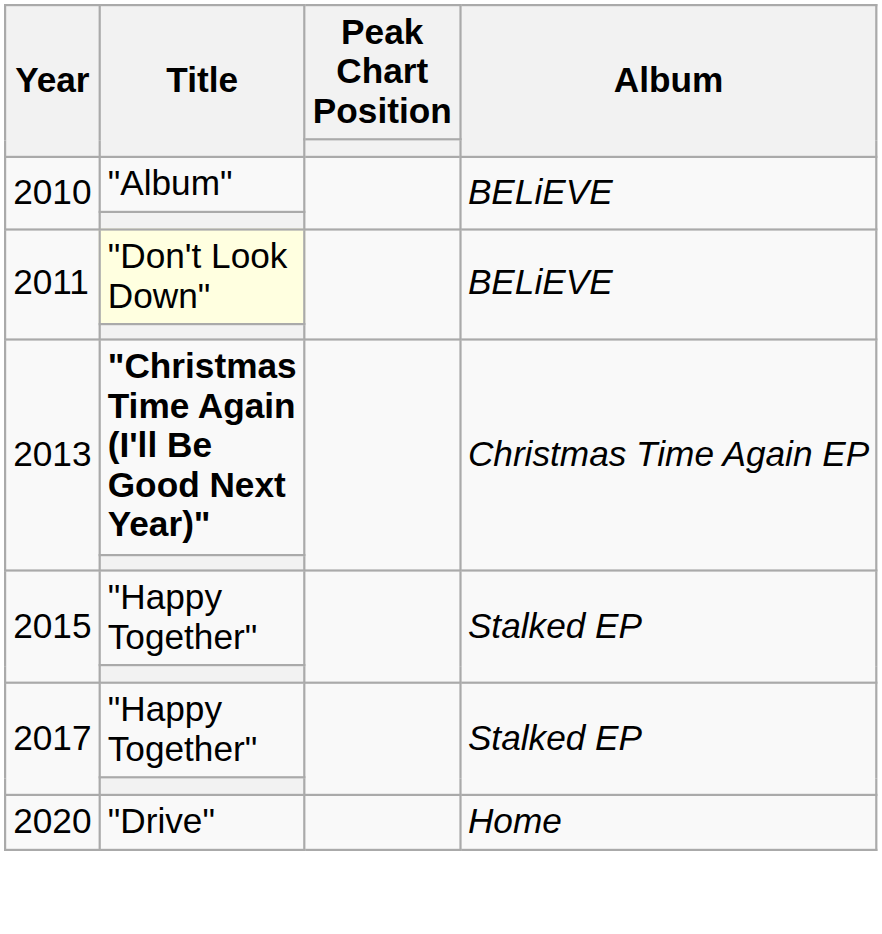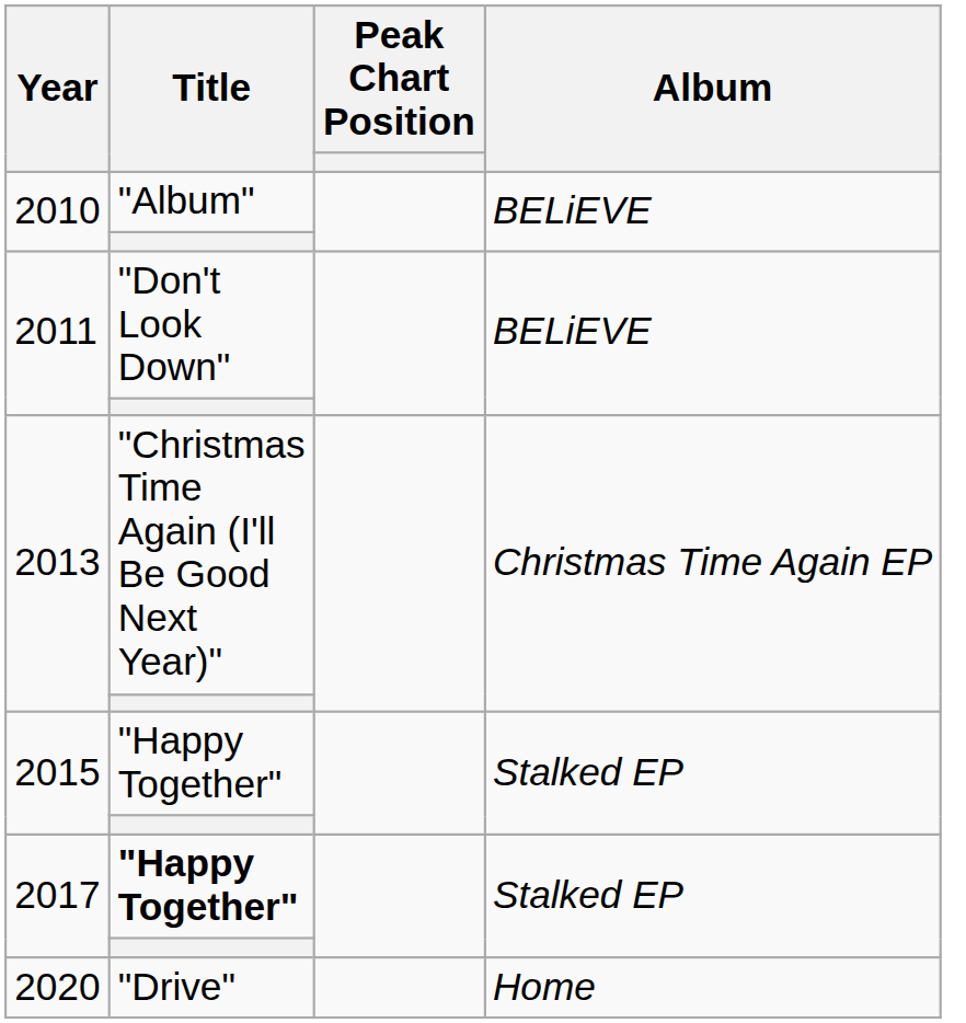 <table class="wikitable">
 <tr>
 <th rowspan="2">Year</th>
 <th rowspan="2">Title</th>
 <th colspan="1">Peak Chart Position</th>
 <th rowspan="2">Album</th>
 </tr>
 <tr>
 <th width="40"></th>
 </tr>
 <tr>
 <td rowspan="2">2010</td>
 <td>"Album"</td>
 <td rowspan="2"></td>
 <td rowspan="2"><em>BELiEVE</em></td>
 </tr>
 <tr>
 <th width="40"></th>
 </tr>
 <tr>
 <td rowspan="2">2011</td>
-<td style="background: lightyellow;">"Don't Look Down"</td>
+<td>"Don't Look Down"</td>
 <td rowspan="2"></td>
 <td rowspan="2"><em>BELiEVE</em></td>
 </tr>
 <tr>
 <th width="40"></th>
 </tr>
 <tr>
 <td rowspan="2">2013</td>
-<td><strong>"Christmas Time Again (I'll Be Good Next Year)"</strong></td>
+<td>"Christmas Time Again (I'll Be Good Next Year)"</td>
 <td rowspan="2"></td>
 <td rowspan="2"><em>Christmas Time Again EP</em></td>
 </tr>
 <tr>
 <th width="40"></th>
 </tr>
 <tr>
 <td rowspan="2">2015</td>
 <td>"Happy Together"</td>
 <td rowspan="2"></td>
 <td rowspan="2"><em>Stalked EP</em></td>
 </tr>
 <tr>
 <th width="40"></th>
 </tr>
 <tr>
 <td rowspan="2">2017</td>
-<td>"Happy Together"</td>
+<td><strong>"Happy Together"</strong></td>
 <td rowspan="2"></td>
 <td rowspan="2"><em>Stalked EP</em></td>
 </tr>
 <tr>
 <th width="40"></th>
 </tr>
 <tr>
 <td rowspan="2">2020</td>
 <td>"Drive"</td>
 <td rowspan="2"></td>
 <td rowspan="2"><em>Home</em></td>
 </tr>
 </table>
